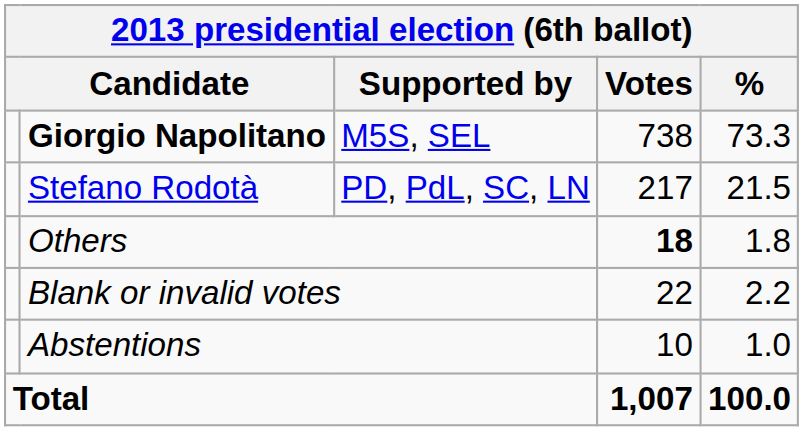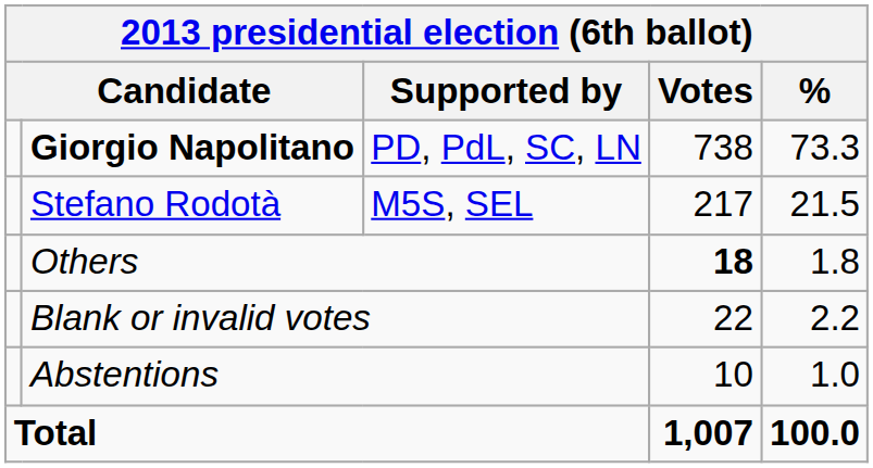 <table class=wikitable style=text-align:right>
 <tr>
 <th colspan=5><a href='#'>2013 presidential election</a> (6th ballot)</th>
 </tr>
 <tr>
 <th colspan=2>Candidate</th>
 <th>Supported by</th>
 <th>Votes</th>
 <th>%</th>
 </tr>
 <tr>
 <td></td>
 <td align=left><strong>Giorgio Napolitano</strong></td>
-<td align=left><a href='#'>M5S</a>, <a href='#'>SEL</a></td>
+<td align=left><a href='#'>PD</a>, <a href='#'>PdL</a>, <a href='#'>SC</a>, <a href='#'>LN</a></td>
 <td>738</td>
 <td>73.3</td>
 </tr>
 <tr>
 <td></td>
 <td align=left><a href='#'>Stefano Rodotà</a></td>
-<td align=left><a href='#'>PD</a>, <a href='#'>PdL</a>, <a href='#'>SC</a>, <a href='#'>LN</a></td>
+<td align=left><a href='#'>M5S</a>, <a href='#'>SEL</a></td>
 <td>217</td>
 <td>21.5</td>
 </tr>
 <tr>
 <td></td>
 <td align=left colspan=2><em>Others</em></td>
 <td><strong>18</strong></td>
 <td>1.8</td>
 </tr>
 <tr>
 <td></td>
 <td align=left colspan=2><em>Blank or invalid votes</em></td>
 <td>22</td>
 <td>2.2</td>
 </tr>
 <tr>
 <td></td>
 <td align=left colspan=2><em>Abstentions</em></td>
 <td>10</td>
 <td>1.0</td>
 </tr>
 <tr>
 <td align=left colspan=3><strong>Total</strong></td>
 <td><strong>1,007</strong></td>
 <td><strong>100.0</strong></td>
 </tr>
 </table>
